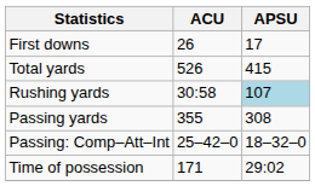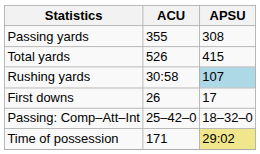 <table class="wikitable" style="float: left;">
 <tr>
 <th>Statistics</th>
 <th>ACU</th>
 <th>APSU</th>
 </tr>
 <tr>
-<td>First downs</td>
-<td>26</td>
-<td>17</td>
+<td>Passing yards</td>
+<td>355</td>
+<td>308</td>
 </tr>
 <tr>
 <td>Total yards</td>
 <td>526</td>
 <td>415</td>
 </tr>
 <tr>
 <td>Rushing yards</td>
 <td>30:58</td>
 <td style="background: lightblue;">107</td>
 </tr>
 <tr>
-<td>Passing yards</td>
-<td>355</td>
-<td>308</td>
+<td>First downs</td>
+<td>26</td>
+<td>17</td>
 </tr>
 <tr>
 <td>Passing: Comp–Att–Int</td>
 <td>25–42–0</td>
 <td>18–32–0</td>
 </tr>
 <tr>
 <td>Time of possession</td>
 <td>171</td>
-<td>29:02</td>
+<td style="background: khaki;">29:02</td>
 </tr>
 <tr>
 </tr>
 </table>
